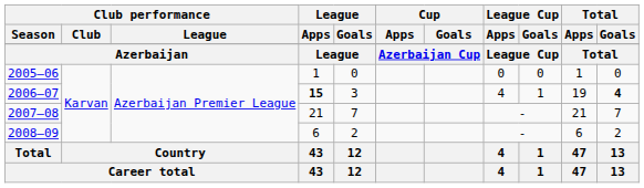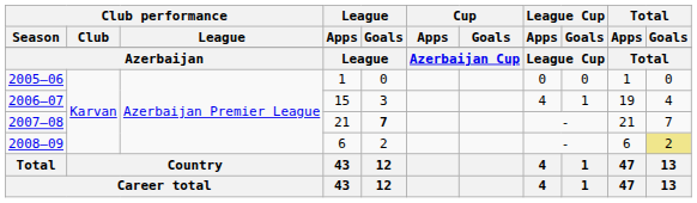 <table class="wikitable" style="text-align:center">
 <tr>
 <th colspan=3>Club performance</th>
 <th colspan=2>League</th>
 <th colspan=2>Cup</th>
 <th colspan=2>League Cup</th>
 <th colspan=2>Total</th>
 </tr>
 <tr>
 <th>Season</th>
 <th>Club</th>
 <th>League</th>
 <th>Apps</th>
 <th>Goals</th>
 <th>Apps</th>
 <th>Goals</th>
 <th>Apps</th>
 <th>Goals</th>
 <th>Apps</th>
 <th>Goals</th>
 </tr>
 <tr>
 </tr>
 <tr>
 <th colspan=3>Azerbaijan</th>
 <th colspan=2>League</th>
 <th colspan=2><a href='#'>Azerbaijan Cup</a></th>
 <th colspan=2>League Cup</th>
 <th colspan=2>Total</th>
 </tr>
 <tr>
 <td><a href='#'>2005–06</a></td>
 <td rowspan="4"><a href='#'>Karvan</a></td>
 <td rowspan="4"><a href='#'>Azerbaijan Premier League</a></td>
 <td>1</td>
 <td>0</td>
 <td></td>
 <td></td>
 <td>0</td>
 <td>0</td>
 <td>1</td>
 <td>0</td>
 </tr>
 <tr>
 <td><a href='#'>2006–07</a></td>
-<td><strong>15</strong></td>
+<td>15</td>
 <td>3</td>
 <td></td>
 <td></td>
 <td>4</td>
 <td>1</td>
 <td>19</td>
-<td><strong>4</strong></td>
+<td>4</td>
 </tr>
 <tr>
 <td><a href='#'>2007–08</a></td>
 <td>21</td>
-<td>7</td>
+<td><strong>7</strong></td>
 <td></td>
 <td></td>
 <td colspan="2">-</td>
 <td>21</td>
 <td>7</td>
 </tr>
 <tr>
 <td><a href='#'>2008–09</a></td>
 <td>6</td>
 <td>2</td>
 <td></td>
 <td></td>
 <td colspan="2">-</td>
 <td>6</td>
-<td>2</td>
+<td style="background: khaki;">2</td>
 </tr>
 <tr>
 <th rowspan=AZE>Total</th>
 <th colspan=2>Country</th>
 <th>43</th>
 <th>12</th>
 <th></th>
 <th></th>
 <th>4</th>
 <th>1</th>
 <th>47</th>
 <th>13</th>
 </tr>
 <tr>
 <th colspan=3>Career total</th>
 <th>43</th>
 <th>12</th>
 <th></th>
 <th></th>
 <th>4</th>
 <th>1</th>
 <th>47</th>
 <th>13</th>
 </tr>
 </table>
